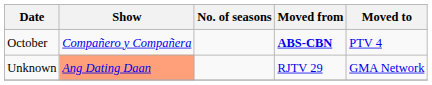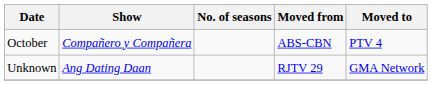 <table class="wikitable" style="text-align:left; line-height:25px; width:auto;">
 <tr>
 <th>Date</th>
 <th>Show</th>
 <th>No. of seasons</th>
 <th>Moved from</th>
 <th>Moved to</th>
 </tr>
 <tr>
 <td>October</td>
 <td><em><a href='#'>Compañero y Compañera</a></em></td>
 <td></td>
-<td><strong><a href='#'>ABS-CBN</a></strong></td>
+<td><a href='#'>ABS-CBN</a></td>
 <td><a href='#'>PTV 4</a></td>
 </tr>
 <tr>
 <td>Unknown</td>
-<td style="background: lightsalmon;"><em><a href='#'>Ang Dating Daan</a></em></td>
+<td><em><a href='#'>Ang Dating Daan</a></em></td>
 <td></td>
 <td><a href='#'>RJTV 29</a></td>
 <td><a href='#'>GMA Network</a></td>
 </tr>
 <tr>
 </tr>
 </table>
